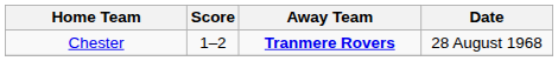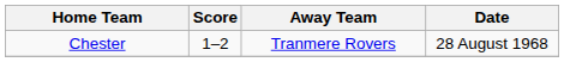 <table class="wikitable" style="text-align:center;">
 <tr>
 <th width=175>Home Team</th>
 <th width=20>Score</th>
 <th width=175>Away Team</th>
 <th width=125>Date</th>
 </tr>
 <tr>
 <td><a href='#'>Chester</a></td>
 <td>1–2</td>
-<td><strong><a href='#'>Tranmere Rovers</a></strong></td>
+<td><a href='#'>Tranmere Rovers</a></td>
 <td>28 August 1968</td>
 </tr>
 <tr>
 </tr>
 </table>
